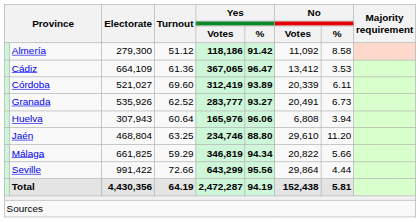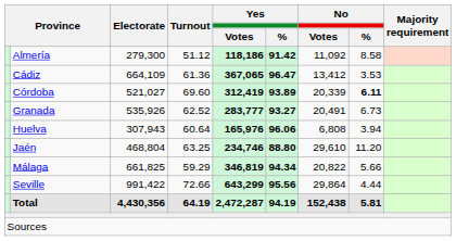 <table class="wikitable sortable" style="text-align:right; line-height:20px;">
 <tr>
 <th width="150" colspan="2" rowspan="3">Province</th>
 <th rowspan="3">Electorate</th>
 <th rowspan="3">Turnout</th>
 <th width="120" colspan="2">Yes</th>
 <th width="120" colspan="2">No</th>
 <th rowspan="3">Majority<br>requirement</th>
 </tr>
 <tr>
 <th colspan="2" style="background:#088A29;"></th>
 <th colspan="2" style="background:#E90000;"></th>
 </tr>
 <tr>
 <th>Votes</th>
 <th>%</th>
 <th>Votes</th>
 <th>%</th>
 </tr>
 <tr>
 <td width="1" style="background:#CEF6D8;"></td>
 <td align="left"><a href='#'>Almería</a></td>
 <td>279,300</td>
 <td>51.12</td>
 <td style="background:#CEF6D8;"><strong>118,186</strong></td>
 <td style="background:#CEF6D8;"><strong>91.42</strong></td>
 <td>11,092</td>
 <td>8.58</td>
 <td style="background:#FFD8CC;"><strong></strong></td>
 </tr>
 <tr>
 <td style="background:#CEF6D8;"></td>
 <td align="left"><a href='#'>Cádiz</a></td>
 <td>664,109</td>
 <td>61.36</td>
 <td style="background:#CEF6D8;"><strong>367,065</strong></td>
 <td style="background:#CEF6D8;"><strong>96.47</strong></td>
 <td>13,412</td>
 <td>3.53</td>
 <td style="background:#D8FFCC;"><strong></strong></td>
 </tr>
 <tr>
 <td style="background:#CEF6D8;"></td>
 <td align="left"><a href='#'>Córdoba</a></td>
 <td>521,027</td>
 <td>69.60</td>
 <td style="background:#CEF6D8;"><strong>312,419</strong></td>
 <td style="background:#CEF6D8;"><strong>93.89</strong></td>
 <td>20,339</td>
-<td>6.11</td>
+<td><strong>6.11</strong></td>
 <td style="background:#D8FFCC;"><strong></strong></td>
 </tr>
 <tr>
 <td style="background:#CEF6D8;"></td>
 <td align="left"><a href='#'>Granada</a></td>
 <td>535,926</td>
 <td>62.52</td>
 <td style="background:#CEF6D8;"><strong>283,777</strong></td>
 <td style="background:#CEF6D8;"><strong>93.27</strong></td>
 <td>20,491</td>
 <td>6.73</td>
 <td style="background:#D8FFCC;"><strong></strong></td>
 </tr>
 <tr>
 <td style="background:#CEF6D8;"></td>
 <td align="left"><a href='#'>Huelva</a></td>
 <td>307,943</td>
 <td>60.64</td>
 <td style="background:#CEF6D8;"><strong>165,976</strong></td>
 <td style="background:#CEF6D8;"><strong>96.06</strong></td>
 <td>6,808</td>
 <td>3.94</td>
 <td style="background:#D8FFCC;"><strong></strong></td>
 </tr>
 <tr>
 <td style="background:#CEF6D8;"></td>
 <td align="left"><a href='#'>Jaén</a></td>
 <td>468,804</td>
 <td>63.25</td>
 <td style="background:#CEF6D8;"><strong>234,746</strong></td>
 <td style="background:#CEF6D8;"><strong>88.80</strong></td>
 <td>29,610</td>
 <td>11.20</td>
 <td style="background:#D8FFCC;"><strong></strong></td>
 </tr>
 <tr>
 <td style="background:#CEF6D8;"></td>
 <td align="left"><a href='#'>Málaga</a></td>
 <td>661,825</td>
 <td>59.29</td>
 <td style="background:#CEF6D8;"><strong>346,819</strong></td>
 <td style="background:#CEF6D8;"><strong>94.34</strong></td>
 <td>20,822</td>
 <td>5.66</td>
 <td style="background:#D8FFCC;"><strong></strong></td>
 </tr>
 <tr>
 <td style="background:#CEF6D8;"></td>
 <td align="left"><a href='#'>Seville</a></td>
 <td>991,422</td>
 <td>72.66</td>
 <td style="background:#CEF6D8;"><strong>643,299</strong></td>
 <td style="background:#CEF6D8;"><strong>95.56</strong></td>
 <td>29,864</td>
 <td>4.44</td>
 <td style="background:#D8FFCC;"><strong></strong></td>
 </tr>
 <tr style="font-weight:bold;background:#E4E4E4;">
 <td style="background:#CEF6D8;"></td>
 <td align="left">Total</td>
 <td>4,430,356</td>
 <td>64.19</td>
 <td style="background:#CEF6D8;">2,472,287</td>
 <td style="background:#CEF6D8;">94.19</td>
 <td>152,438</td>
 <td>5.81</td>
 <td style="background:#D8FFCC;"></td>
 </tr>
 <tr>
 <th colspan="9"></th>
 </tr>
 <tr>
 <th style="text-align:left; font-weight:normal; background:#F9F9F9" colspan="9">Sources</th>
 </tr>
 </table>
